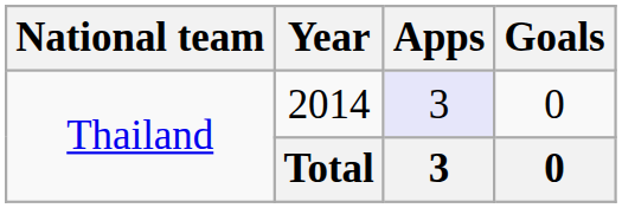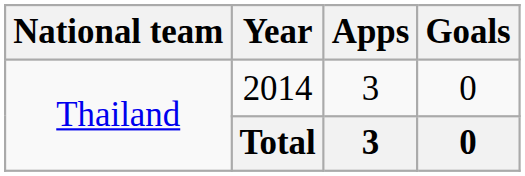 <table class="wikitable" style="text-align:center">
 <tr>
 <th>National team</th>
 <th>Year</th>
 <th>Apps</th>
 <th>Goals</th>
 </tr>
 <tr>
 <td rowspan="2" valign="center"><a href='#'>Thailand</a></td>
 <td>2014</td>
-<td style="background: lavender;">3</td>
+<td>3</td>
 <td>0</td>
 </tr>
 <tr>
 <th>Total</th>
 <th>3</th>
 <th>0</th>
 </tr>
 </table>
